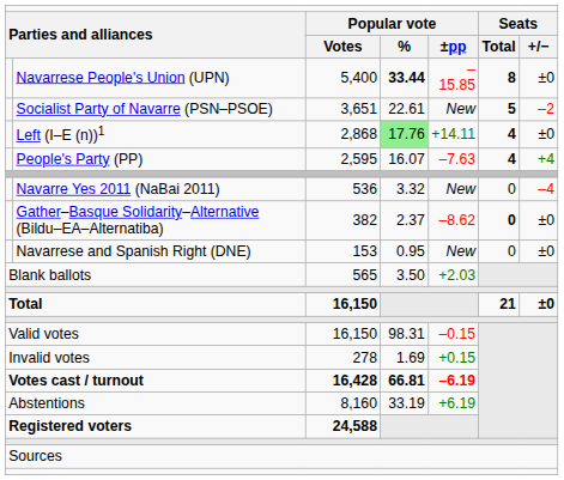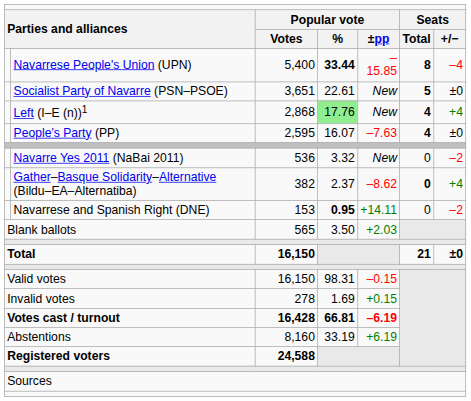 <table class="wikitable" style="text-align:right;">
 <tr>
 <td colspan="7"></td>
 </tr>
 <tr>
 <th style="text-align:left;" rowspan="2" colspan="2" width="525">Parties and alliances</th>
 <th colspan="3">Popular vote</th>
 <th colspan="2">Seats</th>
 </tr>
 <tr>
 <th width="75">Votes</th>
 <th width="45">%</th>
 <th width="45">±<a href='#'>pp</a></th>
 <th width="35">Total</th>
 <th width="35">+/−</th>
 </tr>
 <tr>
 <td width="1" style="color:inherit;background:"></td>
 <td align="left"><a href='#'>Navarrese People's Union</a> (UPN)</td>
 <td>5,400</td>
 <td><strong>33.44</strong></td>
 <td style="color:red;">–15.85</td>
 <td><strong>8</strong></td>
-<td>±0</td>
+<td style="color:red;">–4</td>
 </tr>
 <tr>
 <td style="color:inherit;background:"></td>
 <td align="left"><a href='#'>Socialist Party of Navarre</a> (PSN–PSOE)</td>
 <td>3,651</td>
 <td>22.61</td>
 <td><em>New</em></td>
 <td><strong>5</strong></td>
-<td style="color:red;">–2</td>
+<td>±0</td>
 </tr>
 <tr>
 <td style="color:inherit;background:"></td>
 <td align="left"><a href='#'>Left</a> (I–E (n))<sup>1</sup></td>
 <td>2,868</td>
 <td style="background: lightgreen;">17.76</td>
-<td style="color:green;">+14.11</td>
+<td><em>New</em></td>
 <td><strong>4</strong></td>
-<td>±0</td>
+<td style="color:green;">+4</td>
 </tr>
 <tr>
 <td style="color:inherit;background:"></td>
 <td align="left"><a href='#'>People's Party</a> (PP)</td>
 <td>2,595</td>
 <td>16.07</td>
 <td style="color:red;">–7.63</td>
 <td><strong>4</strong></td>
-<td style="color:green;">+4</td>
+<td>±0</td>
 </tr>
 <tr>
 <td colspan="7" bgcolor="#C0C0C0"></td>
 </tr>
 <tr>
 <td style="color:inherit;background:"></td>
 <td align="left"><a href='#'>Navarre Yes 2011</a> (NaBai 2011)</td>
 <td>536</td>
 <td>3.32</td>
 <td><em>New</em></td>
 <td>0</td>
-<td style="color:red;">–4</td>
+<td style="color:red;">–2</td>
 </tr>
 <tr>
 <td style="color:inherit;background:"></td>
 <td align="left"><a href='#'>Gather</a>–<a href='#'>Basque Solidarity</a>–<a href='#'>Alternative</a> (Bildu–EA–Alternatiba)</td>
 <td>382</td>
 <td>2.37</td>
 <td style="color:red;">–8.62</td>
 <td><strong>0</strong></td>
-<td>±0</td>
+<td style="color:green;">+4</td>
 </tr>
 <tr>
 <td style="color:inherit;background:"></td>
 <td align="left">Navarrese and Spanish Right (DNE)</td>
 <td>153</td>
-<td>0.95</td>
-<td><em>New</em></td>
+<td><strong>0.95</strong></td>
+<td style="color:green;">+14.11</td>
 <td>0</td>
-<td>±0</td>
+<td style="color:red;">–2</td>
 </tr>
 <tr>
 <td align="left" colspan="2">Blank ballots</td>
 <td>565</td>
 <td>3.50</td>
 <td style="color:green;">+2.03</td>
 <td bgcolor="#E9E9E9" colspan="2"></td>
 </tr>
 <tr>
 <td colspan="7" bgcolor="#E9E9E9"></td>
 </tr>
 <tr style="font-weight:bold;">
 <td align="left" colspan="2">Total</td>
 <td>16,150</td>
 <td bgcolor="#E9E9E9" colspan="2"></td>
 <td>21</td>
 <td>±0</td>
 </tr>
 <tr>
 <td colspan="7" bgcolor="#E9E9E9"></td>
 </tr>
 <tr>
 <td align="left" colspan="2">Valid votes</td>
 <td>16,150</td>
 <td>98.31</td>
 <td style="color:red;">–0.15</td>
 <td bgcolor="#E9E9E9" colspan="2" rowspan="5"></td>
 </tr>
 <tr>
 <td align="left" colspan="2">Invalid votes</td>
 <td>278</td>
 <td>1.69</td>
 <td style="color:green;">+0.15</td>
 </tr>
 <tr style="font-weight:bold;">
 <td align="left" colspan="2">Votes cast / turnout</td>
 <td>16,428</td>
 <td>66.81</td>
 <td style="color:red;">–6.19</td>
 </tr>
 <tr>
 <td align="left" colspan="2">Abstentions</td>
 <td>8,160</td>
 <td>33.19</td>
 <td style="color:green;">+6.19</td>
 </tr>
 <tr style="font-weight:bold;">
 <td align="left" colspan="2">Registered voters</td>
 <td>24,588</td>
 <td bgcolor="#E9E9E9" colspan="2"></td>
 </tr>
 <tr>
 <td colspan="7" bgcolor="#E9E9E9"></td>
 </tr>
 <tr>
 <td align="left" colspan="7">Sources</td>
 </tr>
 <tr>
 <td colspan="7" style="text-align:left; max-width:790px;"></td>
 </tr>
 </table>
